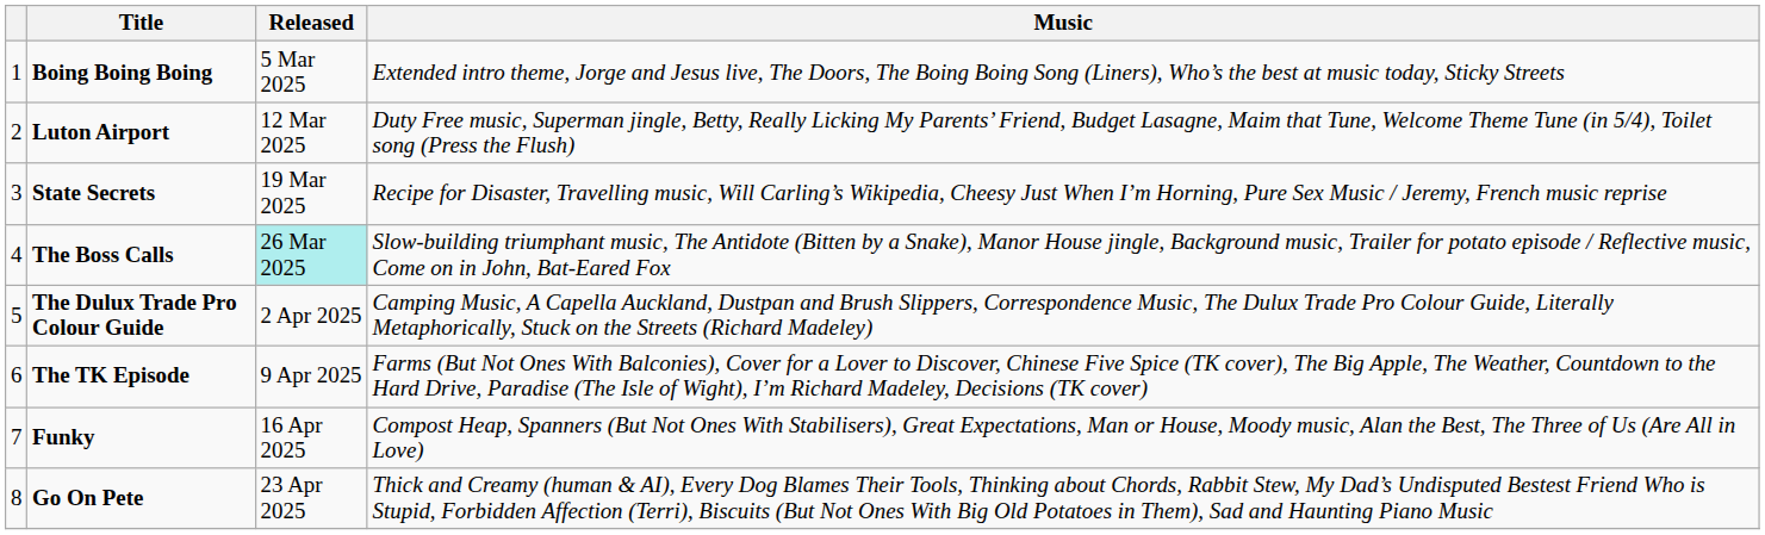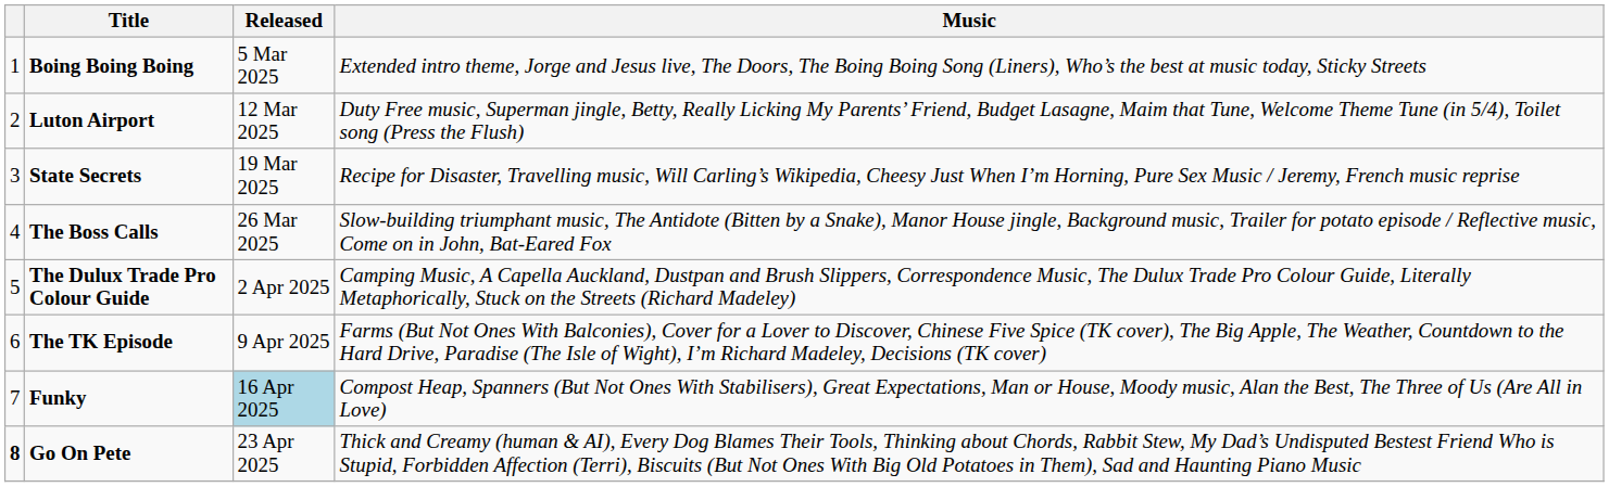 <table class="wikitable">
 <tr>
 <th></th>
 <th>Title</th>
 <th>Released</th>
 <th>Music</th>
 </tr>
 <tr>
 <td>1</td>
 <td><strong>Boing Boing Boing</strong></td>
 <td>5 Mar 2025</td>
 <td><em>Extended intro theme, Jorge and Jesus live, The Doors, The Boing Boing Song (Liners), Who’s the best at music today, Sticky Streets</em></td>
 </tr>
 <tr>
 <td>2</td>
 <td><strong>Luton Airport</strong></td>
 <td>12 Mar 2025</td>
 <td><em>Duty Free music, Superman jingle, Betty, Really Licking My Parents’ Friend, Budget Lasagne, Maim that Tune, Welcome Theme Tune (in 5/4), Toilet song (Press the Flush)</em></td>
 </tr>
 <tr>
 <td>3</td>
 <td><strong>State Secrets</strong></td>
 <td>19 Mar 2025</td>
 <td><em>Recipe for Disaster, Travelling music, Will Carling’s Wikipedia, Cheesy Just When I’m Horning, Pure Sex Music / Jeremy, French music reprise</em></td>
 </tr>
 <tr>
 <td>4</td>
 <td><strong>The Boss Calls</strong></td>
-<td style="background: paleturquoise;">26 Mar 2025</td>
+<td>26 Mar 2025</td>
 <td><em>Slow-building triumphant music, The Antidote (Bitten by a Snake), Manor House jingle, Background music, Trailer for potato episode / Reflective music, Come on in John, Bat-Eared Fox</em></td>
 </tr>
 <tr>
 <td>5</td>
 <td><strong>The Dulux Trade Pro Colour Guide</strong></td>
 <td>2 Apr 2025</td>
 <td><em>Camping Music, A Capella Auckland, Dustpan and Brush Slippers, Correspondence Music, The Dulux Trade Pro Colour Guide, Literally Metaphorically, Stuck on the Streets (Richard Madeley)</em></td>
 </tr>
 <tr>
 <td>6</td>
 <td><strong>The TK Episode</strong></td>
 <td>9 Apr 2025</td>
 <td><em>Farms (But Not Ones With Balconies), Cover for a Lover to Discover, Chinese Five Spice (TK cover), The Big Apple, The Weather, Countdown to the Hard Drive, Paradise (The Isle of Wight), I’m Richard Madeley, Decisions (TK cover)</em></td>
 </tr>
 <tr>
 <td>7</td>
 <td><strong>Funky</strong></td>
-<td>16 Apr 2025</td>
+<td style="background: lightblue;">16 Apr 2025</td>
 <td><em>Compost Heap, Spanners (But Not Ones With Stabilisers), Great Expectations, Man or House, Moody music, Alan the Best, The Three of Us (Are All in Love)</em></td>
 </tr>
 <tr>
-<td>8</td>
+<td><strong>8</strong></td>
 <td><strong>Go On Pete</strong></td>
 <td>23 Apr 2025</td>
 <td><em>Thick and Creamy (human & AI), Every Dog Blames Their Tools, Thinking about Chords, Rabbit Stew, My Dad’s Undisputed Bestest Friend Who is Stupid, Forbidden Affection (Terri), Biscuits (But Not Ones With Big Old Potatoes in Them), Sad and Haunting Piano Music</em></td>
 </tr>
 <tr>
 </tr>
 </table>
